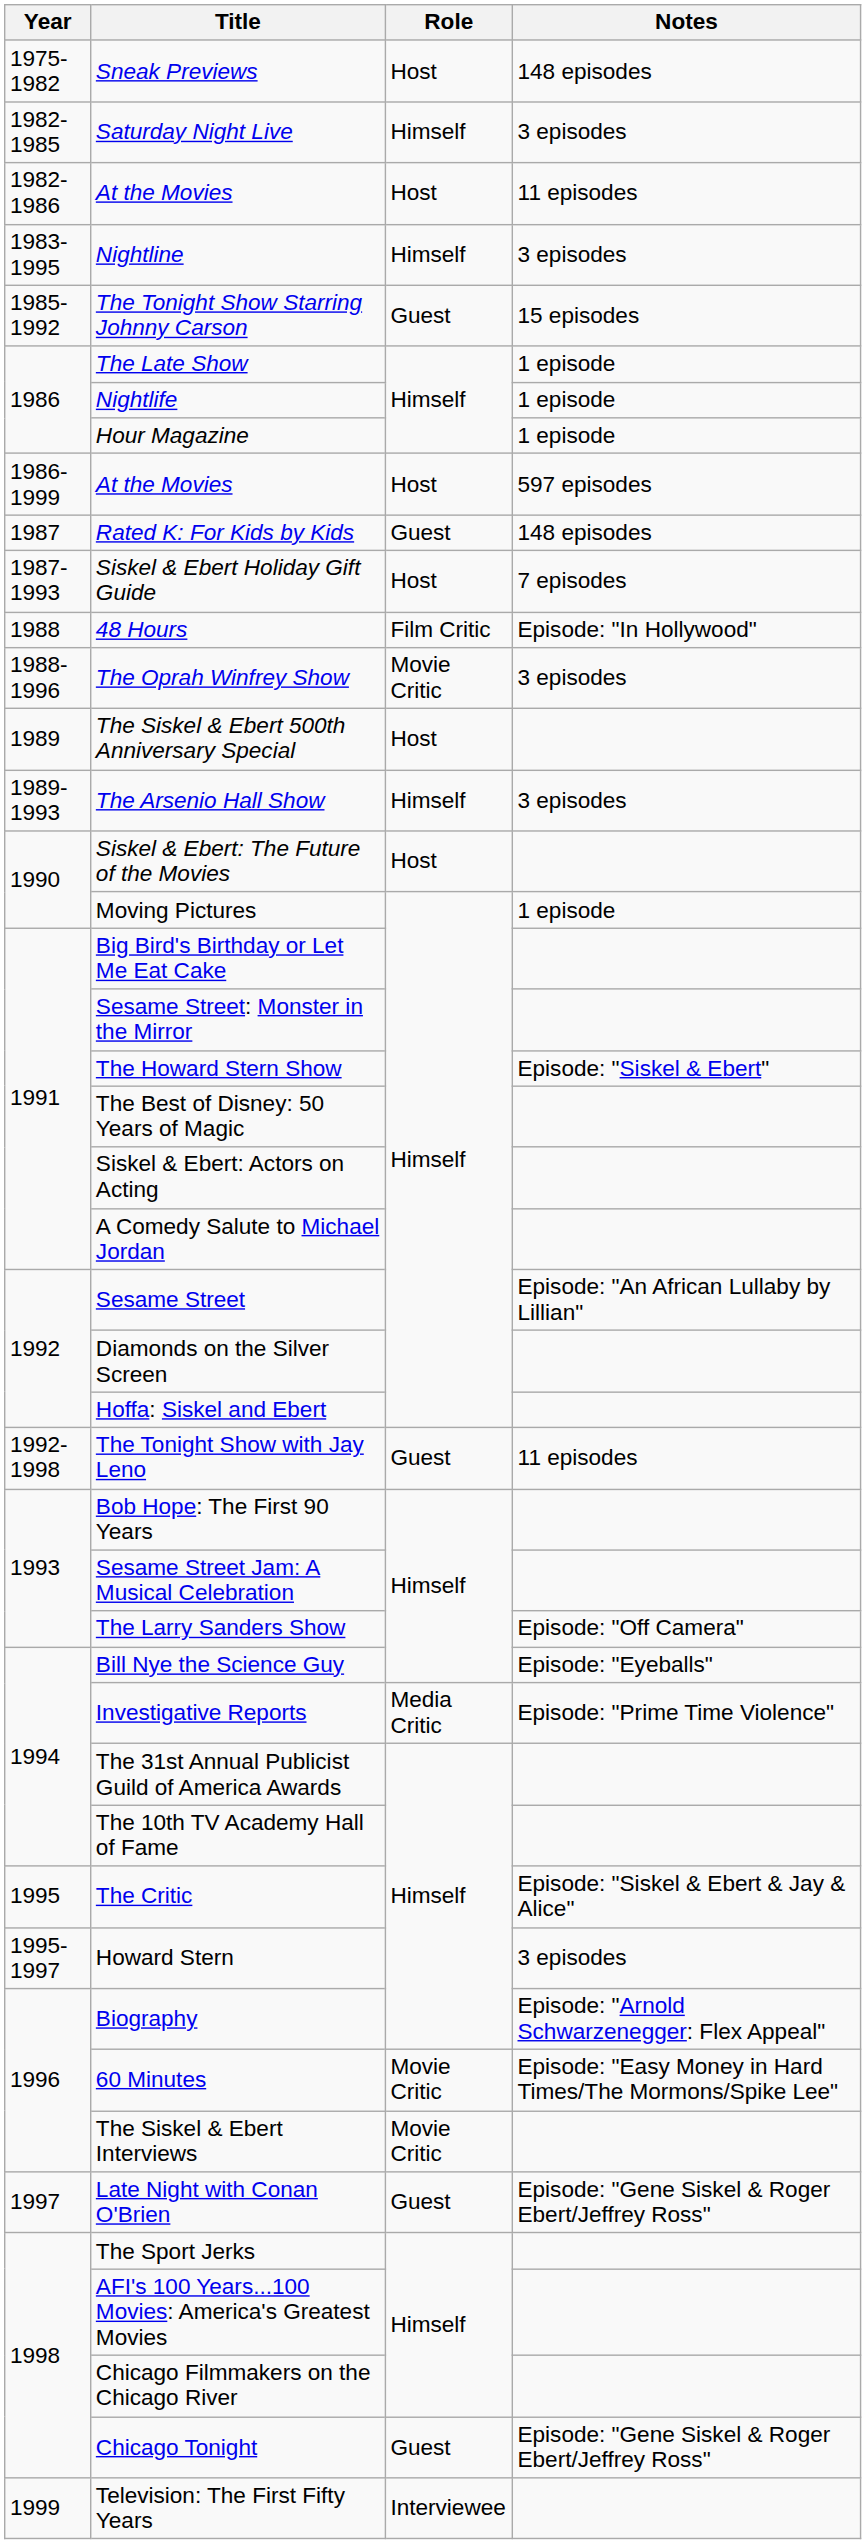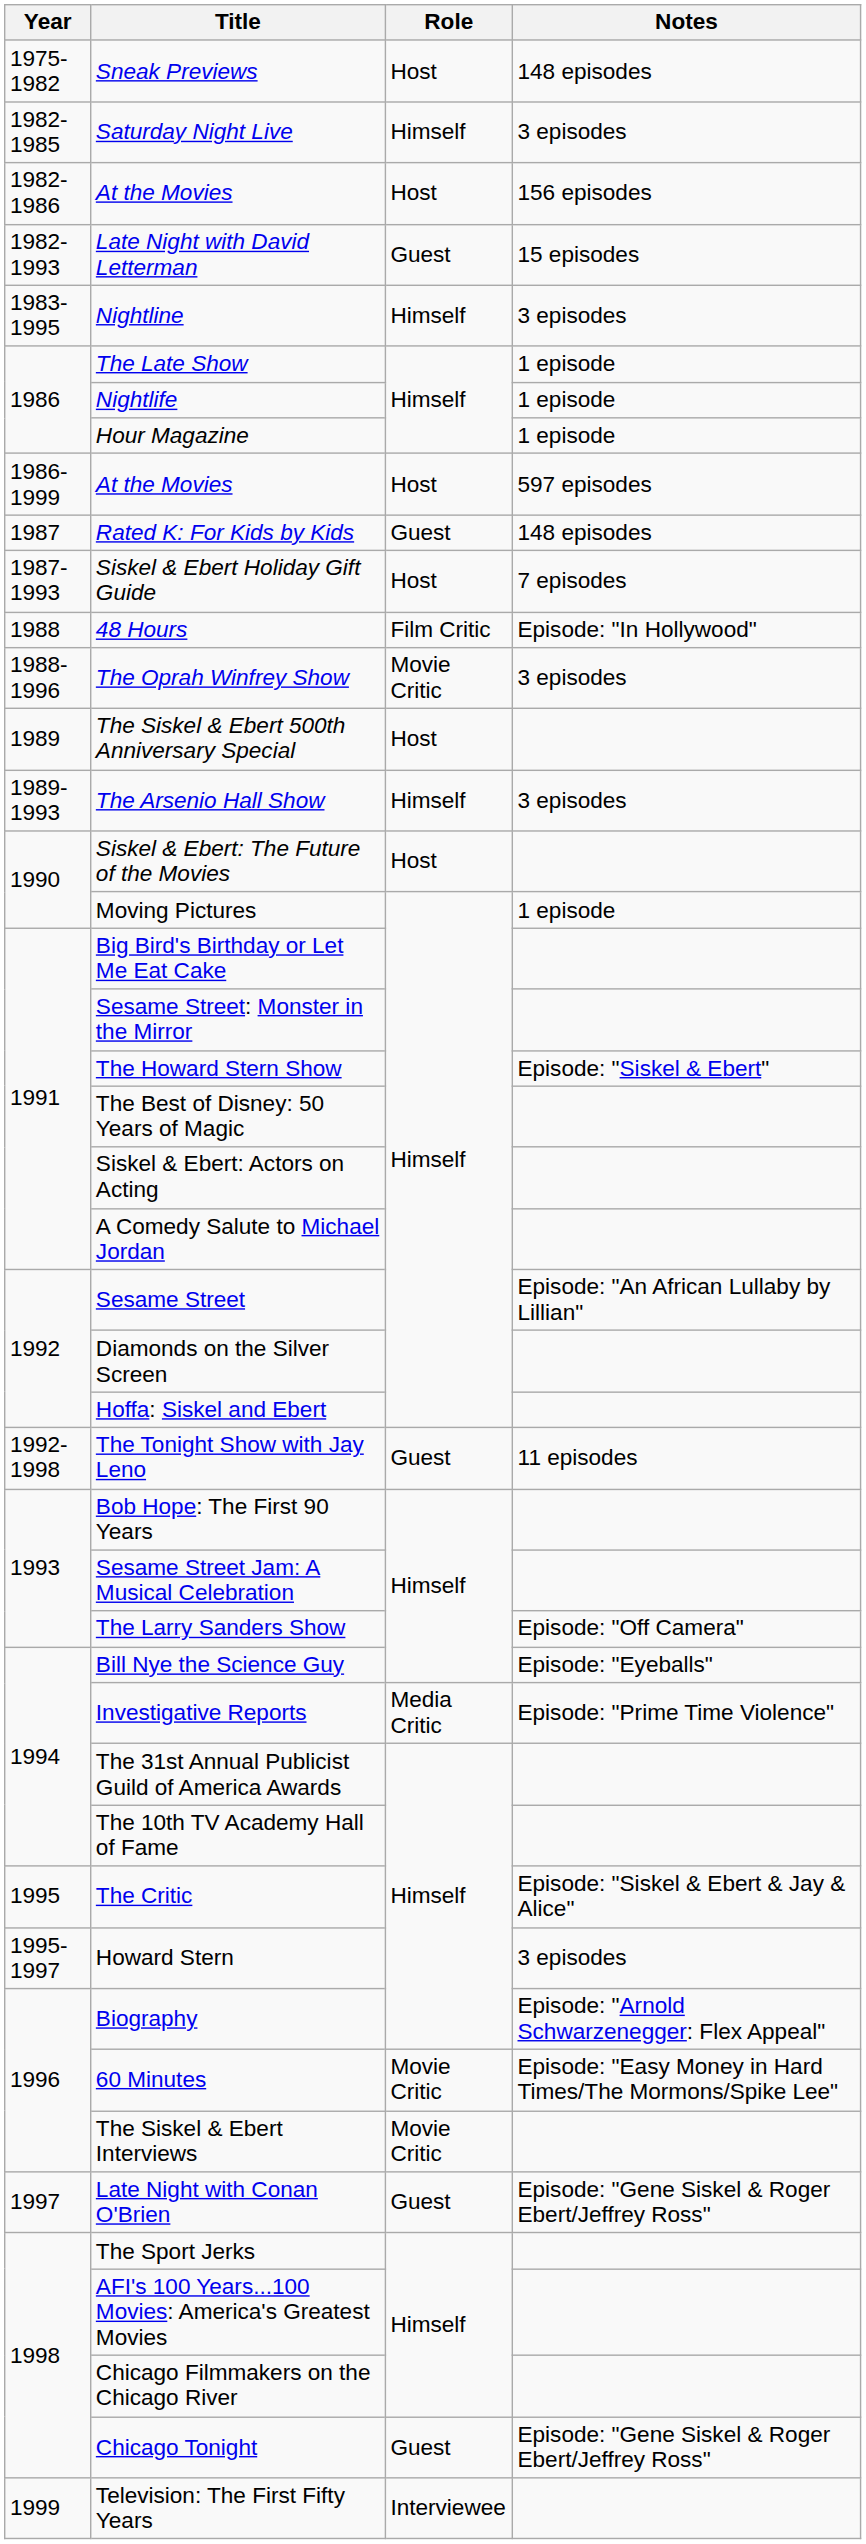 <table class="wikitable sortable">
 <tr>
 <th>Year</th>
 <th>Title</th>
 <th>Role</th>
 <th>Notes</th>
 </tr>
 <tr>
 <td>1975-1982</td>
 <td><em><a href='#'>Sneak Previews</a></em></td>
 <td>Host</td>
 <td>148 episodes</td>
 </tr>
 <tr>
 <td>1982-1985</td>
 <td><em><a href='#'>Saturday Night Live</a></em></td>
 <td>Himself</td>
 <td>3 episodes</td>
 </tr>
 <tr>
 <td>1982-1986</td>
 <td><em><a href='#'>At the Movies</a></em></td>
 <td>Host</td>
-<td>11 episodes</td>
+<td>156 episodes</td>
+</tr>
+<tr>
+<td>1982-1993</td>
+<td><em><a href='#'>Late Night with David Letterman</a></em></td>
+<td>Guest</td>
+<td>15 episodes</td>
 </tr>
 <tr>
 <td>1983-1995</td>
 <td><em><a href='#'>Nightline</a></em></td>
 <td>Himself</td>
 <td>3 episodes</td>
-</tr>
-<tr>
-<td>1985-1992</td>
-<td><em><a href='#'>The Tonight Show Starring Johnny Carson</a></em></td>
-<td>Guest</td>
-<td>15 episodes</td>
 </tr>
 <tr>
 <td rowspan="3">1986</td>
 <td><em><a href='#'>The Late Show</a></em></td>
 <td rowspan="3">Himself</td>
 <td>1 episode</td>
 </tr>
 <tr>
 <td><em><a href='#'>Nightlife</a></em></td>
 <td>1 episode</td>
 </tr>
 <tr>
 <td><em>Hour Magazine</em></td>
 <td>1 episode</td>
 </tr>
 <tr>
 <td>1986-1999</td>
 <td><em><a href='#'>At the Movies</a></em></td>
 <td>Host</td>
 <td>597 episodes</td>
 </tr>
 <tr>
 <td>1987</td>
 <td><em><a href='#'>Rated K: For Kids by Kids</a></em></td>
 <td>Guest</td>
 <td>148 episodes</td>
 </tr>
 <tr>
 <td>1987-1993</td>
 <td><em>Siskel & Ebert Holiday Gift Guide</em></td>
 <td>Host</td>
 <td>7 episodes</td>
 </tr>
 <tr>
 <td>1988</td>
 <td><em><a href='#'>48 Hours</a></em></td>
 <td>Film Critic</td>
 <td>Episode: "In Hollywood"</td>
 </tr>
 <tr>
 <td>1988-1996</td>
 <td><em><a href='#'>The Oprah Winfrey Show</a></em></td>
 <td>Movie Critic</td>
 <td>3 episodes</td>
 </tr>
 <tr>
 <td>1989</td>
 <td><em>The Siskel & Ebert 500th Anniversary Special</em></td>
 <td>Host</td>
 <td></td>
 </tr>
 <tr>
 <td>1989-1993</td>
 <td><em><a href='#'>The Arsenio Hall Show</a></em></td>
 <td>Himself</td>
 <td>3 episodes</td>
 </tr>
 <tr>
 <td rowspan="2">1990</td>
 <td><em>Siskel & Ebert: The Future of the Movies</td>
 <td>Host</td>
 <td></td>
 </tr>
 <tr>
 <td></em>Moving Pictures<em></td>
 <td rowspan="10">Himself</td>
 <td>1 episode</td>
 </tr>
 <tr>
 <td rowspan="6">1991</td>
 <td></em><a href='#'>Big Bird's Birthday or Let Me Eat Cake</a><em></td>
 <td></td>
 </tr>
 <tr>
 <td></em><a href='#'>Sesame Street</a>: <a href='#'>Monster in the Mirror</a><em></td>
 <td></td>
 </tr>
 <tr>
 <td></em><a href='#'>The Howard Stern Show</a><em></td>
 <td>Episode: "<a href='#'>Siskel & Ebert</a>"</td>
 </tr>
 <tr>
 <td></em>The Best of Disney: 50 Years of Magic<em></td>
 <td></td>
 </tr>
 <tr>
 <td></em>Siskel & Ebert: Actors on Acting<em></td>
 <td></td>
 </tr>
 <tr>
 <td></em>A Comedy Salute to <a href='#'>Michael Jordan</a><em></td>
 <td></td>
 </tr>
 <tr>
 <td rowspan="3">1992</td>
 <td></em><a href='#'>Sesame Street</a><em></td>
 <td>Episode: "An African Lullaby by Lillian"</td>
 </tr>
 <tr>
 <td></em>Diamonds on the Silver Screen<em></td>
 <td></td>
 </tr>
 <tr>
 <td></em><a href='#'>Hoffa</a>: <a href='#'>Siskel and Ebert</a><em></td>
 <td></td>
 </tr>
 <tr>
 <td>1992-1998</td>
 <td></em><a href='#'>The Tonight Show with Jay Leno</a><em></td>
 <td>Guest</td>
 <td>11 episodes</td>
 </tr>
 <tr>
 <td rowspan="3">1993</td>
 <td></em><a href='#'>Bob Hope</a>: The First 90 Years<em></td>
 <td rowspan="4">Himself</td>
 <td></td>
 </tr>
 <tr>
 <td></em><a href='#'>Sesame Street Jam: A Musical Celebration</a><em></td>
 <td></td>
 </tr>
 <tr>
 <td></em><a href='#'>The Larry Sanders Show</a><em></td>
 <td>Episode: "Off Camera"</td>
 </tr>
 <tr>
 <td rowspan="4">1994</td>
 <td></em><a href='#'>Bill Nye the Science Guy</a><em></td>
 <td>Episode: "Eyeballs"</td>
 </tr>
 <tr>
 <td></em><a href='#'>Investigative Reports</a><em></td>
 <td>Media Critic</td>
 <td>Episode: "Prime Time Violence"</td>
 </tr>
 <tr>
 <td></em>The 31st Annual Publicist Guild of America Awards<em></td>
 <td rowspan="5">Himself</td>
 <td></td>
 </tr>
 <tr>
 <td></em>The 10th TV Academy Hall of Fame<em></td>
 <td></td>
 </tr>
 <tr>
 <td>1995</td>
 <td></em><a href='#'>The Critic</a><em></td>
 <td>Episode: "Siskel & Ebert & Jay & Alice"</td>
 </tr>
 <tr>
 <td>1995-1997</td>
 <td></em>Howard Stern<em></td>
 <td>3 episodes</td>
 </tr>
 <tr>
 <td rowspan="3'">1996</td>
 <td></em><a href='#'>Biography</a><em></td>
 <td>Episode: "<a href='#'>Arnold Schwarzenegger</a>: Flex Appeal"</td>
 </tr>
 <tr>
 <td></em><a href='#'>60 Minutes</a><em></td>
 <td>Movie Critic</td>
 <td>Episode: "Easy Money in Hard Times/The Mormons/Spike Lee"</td>
 </tr>
 <tr>
 <td></em>The Siskel & Ebert Interviews<em></td>
 <td>Movie Critic</td>
 <td></td>
 </tr>
 <tr>
 <td>1997</td>
 <td></em><a href='#'>Late Night with Conan O'Brien</a><em></td>
 <td>Guest</td>
 <td>Episode: "Gene Siskel & Roger Ebert/Jeffrey Ross"</td>
 </tr>
 <tr>
 <td rowspan="4">1998</td>
 <td></em>The Sport Jerks<em></td>
 <td rowspan="3">Himself</td>
 <td></td>
 </tr>
 <tr>
 <td></em><a href='#'>AFI's 100 Years...100 Movies</a>: America's Greatest Movies<em></td>
 <td></td>
 </tr>
 <tr>
 <td></em>Chicago Filmmakers on the Chicago River<em></td>
 <td></td>
 </tr>
 <tr>
 <td></em><a href='#'>Chicago Tonight</a><em></td>
 <td>Guest</td>
 <td>Episode: "Gene Siskel & Roger Ebert/Jeffrey Ross"</td>
 </tr>
 <tr>
 <td>1999</td>
 <td></em>Television: The First Fifty Years<em></td>
 <td>Interviewee</td>
 <td></td>
 </tr>
 </table>
